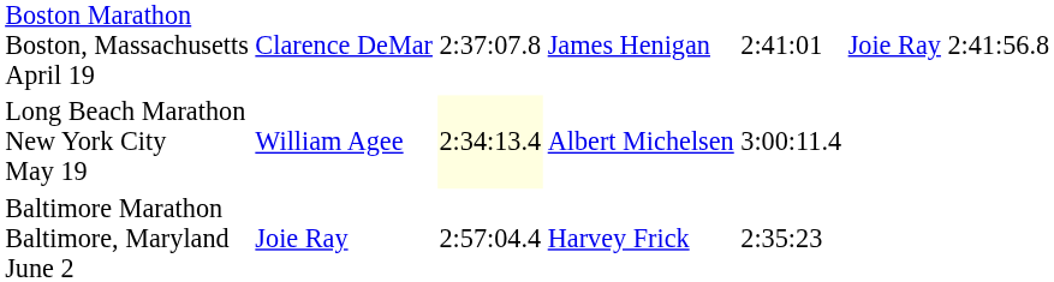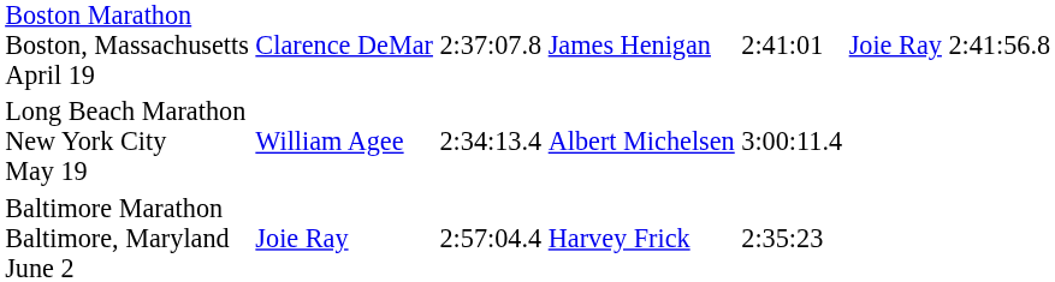 <table>
 <tr>
 <td><a href='#'>Boston Marathon</a><br>Boston, Massachusetts<br>April 19</td>
 <td><a href='#'>Clarence DeMar</a></td>
 <td>2:37:07.8</td>
 <td><a href='#'>James Henigan</a></td>
 <td>2:41:01</td>
 <td><a href='#'>Joie Ray</a></td>
 <td>2:41:56.8</td>
 </tr>
 <tr>
 <td>Long Beach Marathon<br>New York City<br>May 19</td>
 <td><a href='#'>William Agee</a></td>
-<td style="background: lightyellow;">2:34:13.4</td>
+<td>2:34:13.4</td>
 <td><a href='#'>Albert Michelsen</a></td>
 <td>3:00:11.4</td>
 </tr>
 <tr>
 <td>Baltimore Marathon<br>Baltimore, Maryland<br>June 2</td>
 <td><a href='#'>Joie Ray</a></td>
 <td>2:57:04.4</td>
 <td><a href='#'>Harvey Frick</a></td>
 <td>2:35:23</td>
 </tr>
 </table>
